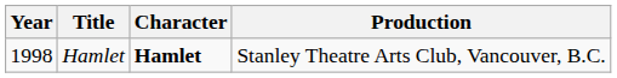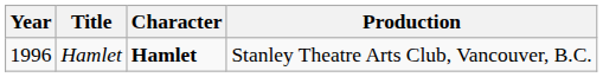 <table class="wikitable">
 <tr>
 <th>Year</th>
 <th>Title</th>
 <th>Character</th>
 <th>Production</th>
 </tr>
 <tr>
-<td>1998</td>
+<td>1996</td>
 <td><em>Hamlet</em></td>
 <td><strong>Hamlet</strong></td>
 <td>Stanley Theatre Arts Club, Vancouver, B.C.</td>
 </tr>
 </table>
